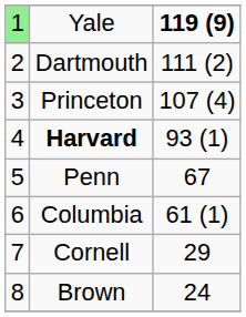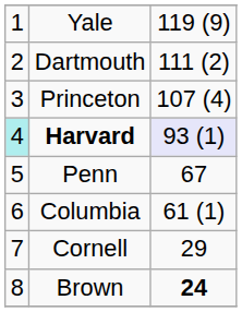 <table class="wikitable">
 <tr align="center">
 </tr>
 <tr align="center">
-<td style="background: lightgreen;">1</td>
+<td>1</td>
 <td>Yale</td>
-<td><strong>119 (9)</strong></td>
+<td>119 (9)</td>
 </tr>
 <tr align="center">
 <td>2</td>
 <td>Dartmouth</td>
 <td>111 (2)</td>
 </tr>
 <tr align="center">
 <td>3</td>
 <td>Princeton</td>
 <td>107 (4)</td>
 </tr>
 <tr align="center">
-<td>4</td>
+<td style="background: paleturquoise;">4</td>
 <td><strong>Harvard</strong></td>
-<td>93 (1)</td>
+<td style="background: lavender;">93 (1)</td>
 </tr>
 <tr align="center">
 <td>5</td>
 <td>Penn</td>
 <td>67</td>
 </tr>
 <tr align="center">
 <td>6</td>
 <td>Columbia</td>
 <td>61 (1)</td>
 </tr>
 <tr align="center">
 <td>7</td>
 <td>Cornell</td>
 <td>29</td>
 </tr>
 <tr align="center">
 <td>8</td>
 <td>Brown</td>
-<td>24</td>
+<td><strong>24</strong></td>
 </tr>
 <tr>
 </tr>
 </table>
